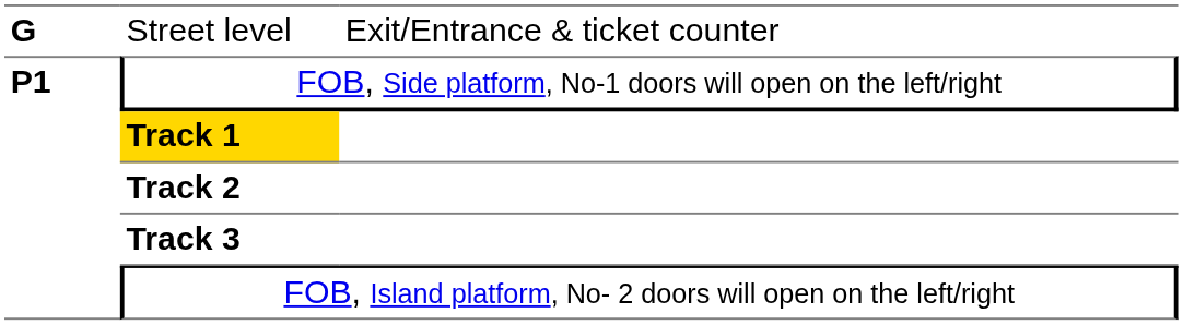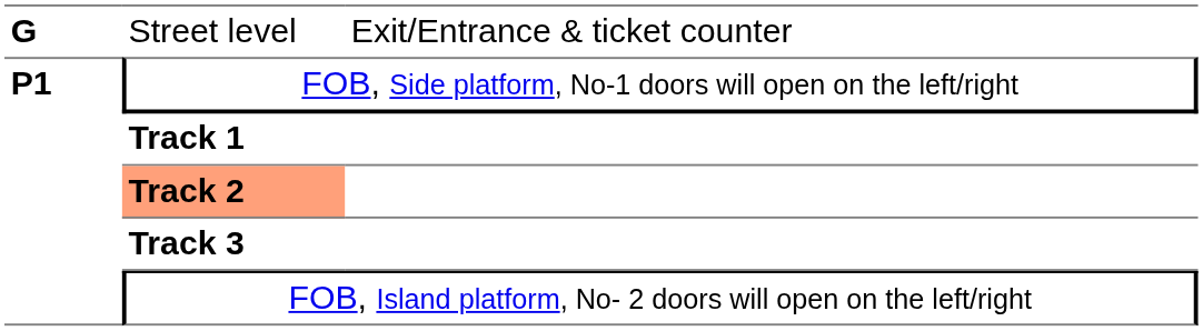 <table table border=0 cellspacing=0 cellpadding=3>
 <tr>
 <td style="border-top:solid 1px gray;" width=50 valign=top><strong>G</strong></td>
 <td style="border-top:solid 1px gray;" width=100 valign=top>Street level</td>
 <td style="border-top:solid 1px gray;" width=400 valign=top>Exit/Entrance & ticket counter</td>
 </tr>
 <tr>
 <td style="border-top:solid 1px gray;border-bottom:solid 1px gray;" width=50 rowspan=6 valign=top><strong>P1</strong></td>
 <td style="border-top:solid 1px gray;border-right:solid 2px black;border-left:solid 2px black;border-bottom:solid 2px black;text-align:center;" colspan=2><a href='#'>FOB</a>, <small><a href='#'>Side platform</a>, No-1 doors will open on the left/right</small></td>
 </tr>
 <tr>
-<td style="background: gold; border-bottom:solid 1px gray;" width=100><strong>Track 1</strong></td>
+<td style="border-bottom:solid 1px gray;" width=100><strong>Track 1</strong></td>
 <td style="border-bottom:solid 1px gray;" width=400></td>
 </tr>
 <tr>
-<td style="border-bottom:solid 1px gray;" width=100><strong>Track 2</strong></td>
+<td style="background: lightsalmon; border-bottom:solid 1px gray;" width=100><strong>Track 2</strong></td>
 <td style="border-bottom:solid 1px gray;" width=400></td>
 </tr>
 <tr>
 <td style="border-bottom:solid 1px gray;" width=100><strong>Track 3</strong></td>
 <td style="border-bottom:solid 1px gray;" width=400></td>
 </tr>
 <tr>
 <td style="border-top:solid 1px black;border-right:solid 2px black;border-left:solid 2px black;border-bottom:solid 1px gray;text-align:center;" colspan=2><a href='#'>FOB</a>, <small><a href='#'>Island platform</a>, No- 2 doors will open on the left/right </small></td>
 </tr>
 <tr>
 </tr>
 </table>
